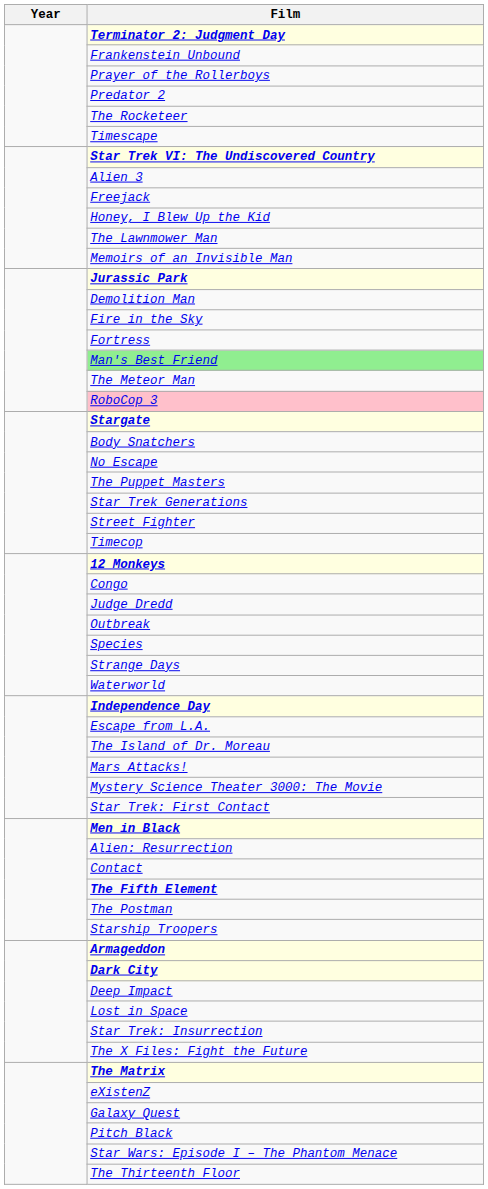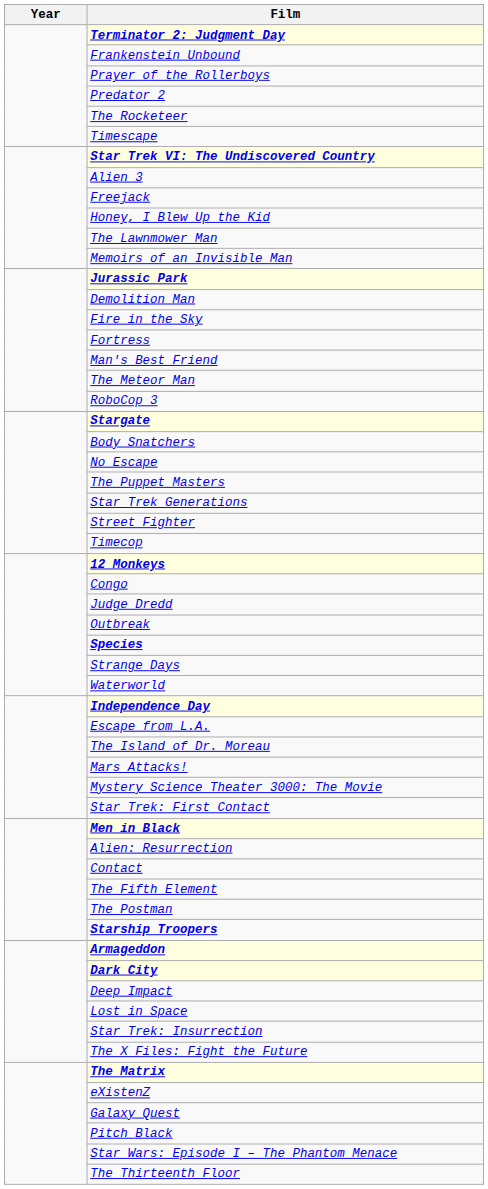 <table width="500" align="centre" class="wikitable">
 <tr>
 <th width="80">Year</th>
 <th>Film</th>
 </tr>
 <tr>
 <td rowspan=6></td>
 <td style="background:lightyellow"><strong><em><a href='#'>Terminator 2: Judgment Day</a></em></strong></td>
 </tr>
 <tr>
 <td><em><a href='#'>Frankenstein Unbound</a></em></td>
 </tr>
 <tr>
 <td><em><a href='#'>Prayer of the Rollerboys</a></em></td>
 </tr>
 <tr>
 <td><em><a href='#'>Predator 2</a></em></td>
 </tr>
 <tr>
 <td><em><a href='#'>The Rocketeer</a></em></td>
 </tr>
 <tr>
 <td><em><a href='#'>Timescape</a></em></td>
 </tr>
 <tr>
 <td rowspan=6></td>
 <td style="background:lightyellow"><strong><em><a href='#'>Star Trek VI: The Undiscovered Country</a></em></strong></td>
 </tr>
 <tr>
 <td><em><a href='#'>Alien 3</a></em></td>
 </tr>
 <tr>
 <td><em><a href='#'>Freejack</a></em></td>
 </tr>
 <tr>
 <td><em><a href='#'>Honey, I Blew Up the Kid</a></em></td>
 </tr>
 <tr>
 <td><em><a href='#'>The Lawnmower Man</a></em></td>
 </tr>
 <tr>
 <td><em><a href='#'>Memoirs of an Invisible Man</a></em></td>
 </tr>
 <tr>
 <td rowspan=7></td>
 <td style="background:lightyellow"><strong><em><a href='#'>Jurassic Park</a></em></strong></td>
 </tr>
 <tr>
 <td><em><a href='#'>Demolition Man</a></em></td>
 </tr>
 <tr>
 <td><em><a href='#'>Fire in the Sky</a></em></td>
 </tr>
 <tr>
 <td><em><a href='#'>Fortress</a></em></td>
 </tr>
 <tr>
-<td style="background: lightgreen;"><em><a href='#'>Man's Best Friend</a></em></td>
+<td><em><a href='#'>Man's Best Friend</a></em></td>
 </tr>
 <tr>
 <td><em><a href='#'>The Meteor Man</a></em></td>
 </tr>
 <tr>
-<td style="background: pink;"><em><a href='#'>RoboCop 3</a></em></td>
+<td><em><a href='#'>RoboCop 3</a></em></td>
 </tr>
 <tr>
 <td rowspan=7></td>
 <td style="background:lightyellow"><strong><em><a href='#'>Stargate</a></em></strong></td>
 </tr>
 <tr>
 <td><em><a href='#'>Body Snatchers</a></em></td>
 </tr>
 <tr>
 <td><em><a href='#'>No Escape</a></em></td>
 </tr>
 <tr>
 <td><em><a href='#'>The Puppet Masters</a></em></td>
 </tr>
 <tr>
 <td><em><a href='#'>Star Trek Generations</a></em></td>
 </tr>
 <tr>
 <td><em><a href='#'>Street Fighter</a></em></td>
 </tr>
 <tr>
 <td><em><a href='#'>Timecop</a></em></td>
 </tr>
 <tr>
 <td rowspan=7></td>
 <td style="background:lightyellow"><strong><em><a href='#'>12 Monkeys</a></em></strong></td>
 </tr>
 <tr>
 <td><em><a href='#'>Congo</a></em></td>
 </tr>
 <tr>
 <td><em><a href='#'>Judge Dredd</a></em></td>
 </tr>
 <tr>
 <td><em><a href='#'>Outbreak</a></em></td>
 </tr>
 <tr>
-<td><em><a href='#'>Species</a></em></td>
+<td><strong><em><a href='#'>Species</a></em></strong></td>
 </tr>
 <tr>
 <td><em><a href='#'>Strange Days</a></em></td>
 </tr>
 <tr>
 <td><em><a href='#'>Waterworld</a></em></td>
 </tr>
 <tr>
 <td rowspan="6"></td>
 <td style="background:lightyellow"><strong><em><a href='#'>Independence Day</a></em></strong></td>
 </tr>
 <tr>
 <td><em><a href='#'>Escape from L.A.</a></em></td>
 </tr>
 <tr>
 <td><em><a href='#'>The Island of Dr. Moreau</a></em></td>
 </tr>
 <tr>
 <td><em><a href='#'>Mars Attacks!</a></em></td>
 </tr>
 <tr>
 <td><em><a href='#'>Mystery Science Theater 3000: The Movie</a></em></td>
 </tr>
 <tr>
 <td><em><a href='#'>Star Trek: First Contact</a></em></td>
 </tr>
 <tr>
 <td rowspan="6"></td>
 <td style="background:lightyellow"><strong><em><a href='#'>Men in Black</a></em></strong></td>
 </tr>
 <tr>
 <td><em><a href='#'>Alien: Resurrection</a></em></td>
 </tr>
 <tr>
 <td><em><a href='#'>Contact</a></em></td>
 </tr>
 <tr>
-<td><strong><em><a href='#'>The Fifth Element</a></em></strong></td>
+<td><em><a href='#'>The Fifth Element</a></em></td>
 </tr>
 <tr>
 <td><em><a href='#'>The Postman</a></em></td>
 </tr>
 <tr>
-<td><em><a href='#'>Starship Troopers</a></em></td>
+<td><strong><em><a href='#'>Starship Troopers</a></em></strong></td>
 </tr>
 <tr>
 <td rowspan=6></td>
 <td style="background:lightyellow"><strong><em><a href='#'>Armageddon</a></em></strong></td>
 </tr>
 <tr>
 <td style="background:lightyellow"><strong><em><a href='#'>Dark City</a></em></strong></td>
 </tr>
 <tr>
 <td><em><a href='#'>Deep Impact</a></em></td>
 </tr>
 <tr>
 <td><em><a href='#'>Lost in Space</a></em></td>
 </tr>
 <tr>
 <td><em><a href='#'>Star Trek: Insurrection</a></em></td>
 </tr>
 <tr>
 <td><em><a href='#'>The X Files: Fight the Future</a></em></td>
 </tr>
 <tr>
 <td rowspan=6></td>
 <td style="background:lightyellow"><strong><em><a href='#'>The Matrix</a></em></strong></td>
 </tr>
 <tr>
 <td><em><a href='#'>eXistenZ</a></em></td>
 </tr>
 <tr>
 <td><em><a href='#'>Galaxy Quest</a></em></td>
 </tr>
 <tr>
 <td><em><a href='#'>Pitch Black</a></em></td>
 </tr>
 <tr>
 <td><em><a href='#'>Star Wars: Episode I – The Phantom Menace</a></em></td>
 </tr>
 <tr>
 <td><em><a href='#'>The Thirteenth Floor</a></em></td>
 </tr>
 </table>
